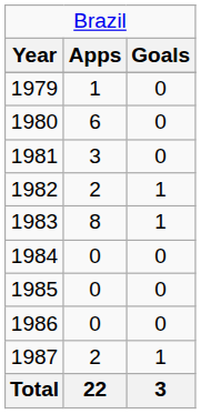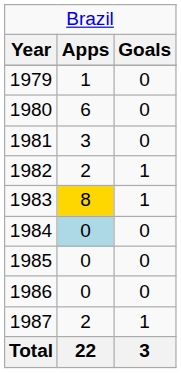 <table class="wikitable" style="text-align:center">
 <tr>
 <td colspan=3><a href='#'>Brazil</a></td>
 </tr>
 <tr>
 <th>Year</th>
 <th>Apps</th>
 <th>Goals</th>
 </tr>
 <tr>
 </tr>
 <tr>
 <td>1979</td>
 <td>1</td>
 <td>0</td>
 </tr>
 <tr>
 <td>1980</td>
 <td>6</td>
 <td>0</td>
 </tr>
 <tr>
 <td>1981</td>
 <td>3</td>
 <td>0</td>
 </tr>
 <tr>
 <td>1982</td>
 <td>2</td>
 <td>1</td>
 </tr>
 <tr>
 <td>1983</td>
-<td>8</td>
+<td style="background: gold;">8</td>
 <td>1</td>
 </tr>
 <tr>
 <td>1984</td>
-<td>0</td>
+<td style="background: lightblue;">0</td>
 <td>0</td>
 </tr>
 <tr>
 <td>1985</td>
 <td>0</td>
 <td>0</td>
 </tr>
 <tr>
 <td>1986</td>
 <td>0</td>
 <td>0</td>
 </tr>
 <tr>
 <td>1987</td>
 <td>2</td>
 <td>1</td>
 </tr>
 <tr>
 <th>Total</th>
 <th>22</th>
 <th>3</th>
 </tr>
 </table>
